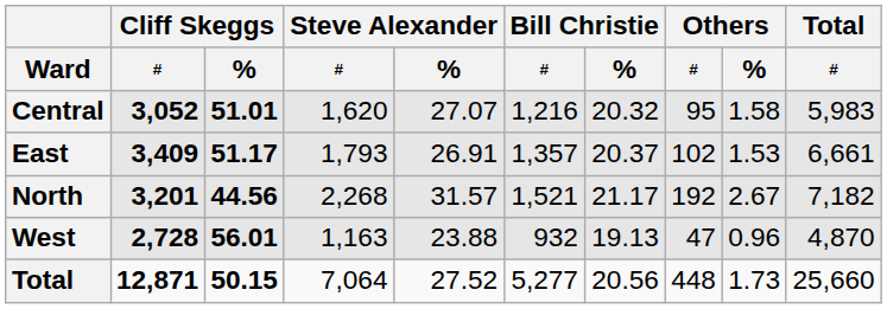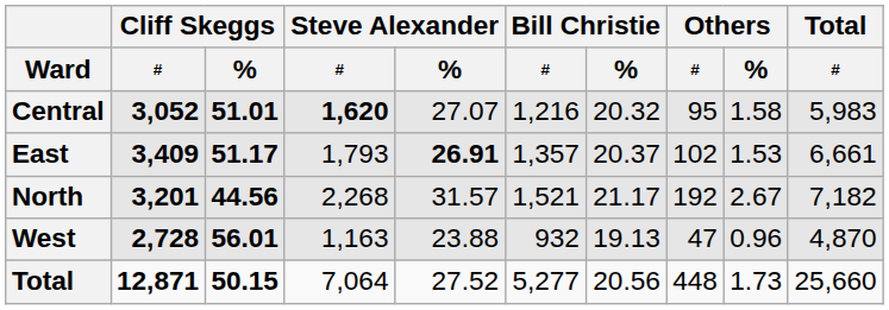 <table class="wikitable sortable" style="text-align:right;">
 <tr>
 <th></th>
 <th scope="col" align=center colspan=2>Cliff Skeggs</th>
 <th scope="col" align=center colspan=2>Steve Alexander</th>
 <th scope="col" align=center colspan=2>Bill Christie</th>
 <th scope="col" align=center colspan=2>Others</th>
 <th scope="col" align=center colspan=2>Total</th>
 </tr>
 <tr>
 <th scope="col" align=center>Ward</th>
 <th scope="col" style="text-align:center; font-size: 60%" data-sort-type="number">#</th>
 <th scope="col" align=center data-sort-type="number">%</th>
 <th scope="col" style="text-align:center; font-size: 60%" data-sort-type="number">#</th>
 <th scope="col" align=center data-sort-type="number">%</th>
 <th scope="col" style="text-align:center; font-size: 60%" data-sort-type="number">#</th>
 <th scope="col" align=center data-sort-type="number">%</th>
 <th scope="col" style="text-align:center; font-size: 60%" data-sort-type="number">#</th>
 <th scope="col" align=center data-sort-type="number">%</th>
 <th scope="col" style="text-align:center; font-size: 60%" data-sort-type="number">#</th>
 </tr>
 <tr bgcolor="#E6E6E6">
 <th scope="row" style="text-align:left;">Central</th>
 <td><strong>3,052</strong></td>
 <td><strong>51.01</strong></td>
-<td>1,620</td>
+<td><strong>1,620</strong></td>
 <td>27.07</td>
 <td>1,216</td>
 <td>20.32</td>
 <td>95</td>
 <td>1.58</td>
 <td>5,983</td>
 </tr>
 <tr bgcolor="#E6E6E6">
 <th scope="row" style="text-align:left;">East</th>
 <td><strong>3,409</strong></td>
 <td><strong>51.17</strong></td>
 <td>1,793</td>
-<td>26.91</td>
+<td><strong>26.91</strong></td>
 <td>1,357</td>
 <td>20.37</td>
 <td>102</td>
 <td>1.53</td>
 <td>6,661</td>
 </tr>
 <tr bgcolor="#E6E6E6">
 <th scope="row" style="text-align:left;">North</th>
 <td><strong>3,201</strong></td>
 <td><strong>44.56 </strong></td>
 <td>2,268</td>
 <td>31.57</td>
 <td>1,521</td>
 <td>21.17</td>
 <td>192</td>
 <td>2.67</td>
 <td>7,182</td>
 </tr>
 <tr bgcolor="#E6E6E6">
 <th scope="row" style="text-align:left;">West</th>
 <td><strong>2,728</strong></td>
 <td><strong>56.01</strong></td>
 <td>1,163</td>
 <td>23.88</td>
 <td>932</td>
 <td>19.13</td>
 <td>47</td>
 <td>0.96</td>
 <td>4,870</td>
 </tr>
 <tr>
 <th scope="row" style="text-align:left;" data-sort-value="Z">Total</th>
 <td data-sort-value="Z"><strong>12,871</strong></td>
 <td><strong>50.15</strong></td>
 <td>7,064</td>
 <td>27.52</td>
 <td>5,277</td>
 <td>20.56</td>
 <td>448</td>
 <td>1.73</td>
 <td>25,660</td>
 </tr>
 </table>
